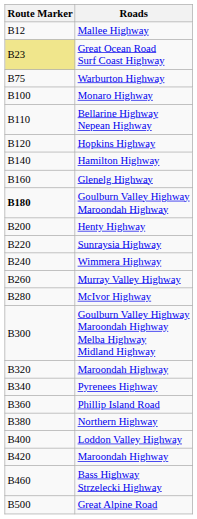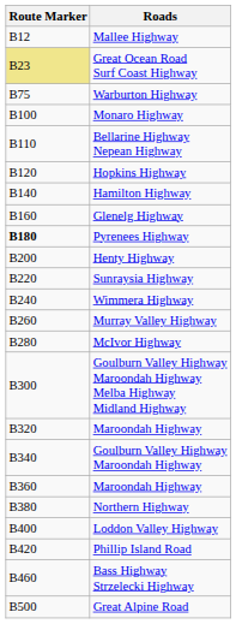 <table style="margin-left:1em; margin-bottom:1em; color:black; font-size:95%;" class="wikitable">
 <tr style="text-align:center;">
 <th>Route Marker</th>
 <th>Roads</th>
 </tr>
 <tr>
 <td> B12</td>
 <td><a href='#'>Mallee Highway</a></td>
 </tr>
 <tr>
 <td style="background: khaki;"> B23</td>
 <td><a href='#'>Great Ocean Road</a> <br> <a href='#'>Surf Coast Highway</a></td>
 </tr>
 <tr>
 <td> B75</td>
 <td><a href='#'>Warburton Highway</a></td>
 </tr>
 <tr>
 <td> B100</td>
 <td><a href='#'>Monaro Highway</a></td>
 </tr>
 <tr>
 <td> B110</td>
 <td><a href='#'>Bellarine Highway</a> <br> <a href='#'>Nepean Highway</a></td>
 </tr>
 <tr>
 <td> B120</td>
 <td><a href='#'>Hopkins Highway</a></td>
 </tr>
 <tr>
 <td> B140</td>
 <td><a href='#'>Hamilton Highway</a></td>
 </tr>
 <tr>
 <td> B160</td>
 <td><a href='#'>Glenelg Highway</a></td>
 </tr>
 <tr>
 <td><strong> B180</strong></td>
-<td><a href='#'>Goulburn Valley Highway</a> <br><a href='#'>Maroondah Highway</a></td>
+<td><a href='#'>Pyrenees Highway</a></td>
 </tr>
 <tr>
 <td> B200</td>
 <td><a href='#'>Henty Highway</a></td>
 </tr>
 <tr>
 <td> B220</td>
 <td><a href='#'>Sunraysia Highway</a></td>
 </tr>
 <tr>
 <td> B240</td>
 <td><a href='#'>Wimmera Highway</a></td>
 </tr>
 <tr>
 <td> B260</td>
 <td><a href='#'>Murray Valley Highway</a></td>
 </tr>
 <tr>
 <td> B280</td>
 <td><a href='#'>McIvor Highway</a></td>
 </tr>
 <tr>
 <td> B300</td>
 <td><a href='#'>Goulburn Valley Highway</a> <br><a href='#'>Maroondah Highway</a> <br><a href='#'>Melba Highway</a> <br><a href='#'>Midland Highway</a></td>
 </tr>
 <tr>
 <td> B320</td>
 <td><a href='#'>Maroondah Highway</a></td>
 </tr>
 <tr>
 <td> B340</td>
-<td><a href='#'>Pyrenees Highway</a></td>
+<td><a href='#'>Goulburn Valley Highway</a> <br><a href='#'>Maroondah Highway</a></td>
 </tr>
 <tr>
 <td> B360</td>
-<td><a href='#'>Phillip Island Road</a></td>
+<td><a href='#'>Maroondah Highway</a></td>
 </tr>
 <tr>
 <td> B380</td>
 <td><a href='#'>Northern Highway</a></td>
 </tr>
 <tr>
 <td> B400</td>
 <td><a href='#'>Loddon Valley Highway</a></td>
 </tr>
 <tr>
 <td> B420</td>
-<td><a href='#'>Maroondah Highway</a></td>
+<td><a href='#'>Phillip Island Road</a></td>
 </tr>
 <tr>
 <td> B460</td>
 <td><a href='#'>Bass Highway</a> <br><a href='#'>Strzelecki Highway</a></td>
 </tr>
 <tr>
 <td> B500</td>
 <td><a href='#'>Great Alpine Road</a></td>
 </tr>
 </table>
